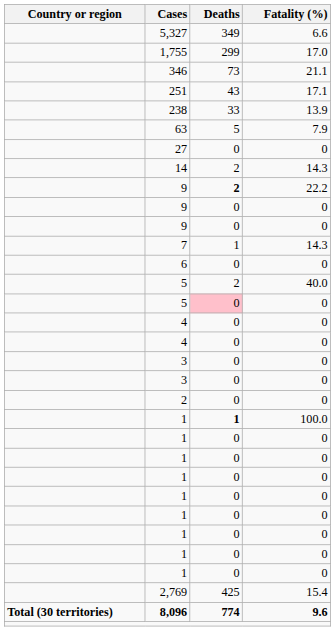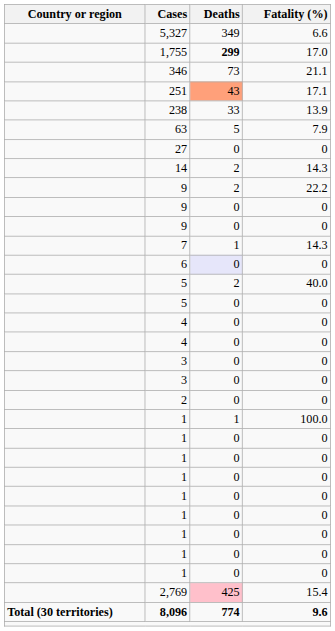 <table class="wikitable sortable" style="width:430px;">
 <tr>
 <th>Country or region</th>
 <th style="text-align:right;">Cases</th>
 <th style="text-align:right;">Deaths</th>
 <th style="text-align:right;">Fatality (%)</th>
 </tr>
 <tr align=right>
 <td align=left></td>
 <td>5,327</td>
 <td>349</td>
 <td>6.6</td>
 </tr>
 <tr align=right>
 <td align=left></td>
 <td>1,755</td>
-<td>299</td>
+<td><strong>299</strong></td>
 <td>17.0</td>
 </tr>
 <tr align=right>
 <td align=left></td>
 <td>346</td>
 <td>73</td>
 <td>21.1</td>
 </tr>
 <tr align=right>
 <td align=left></td>
 <td>251</td>
-<td>43</td>
+<td style="background: lightsalmon;">43</td>
 <td>17.1</td>
 </tr>
 <tr align=right>
 <td align=left></td>
 <td>238</td>
 <td>33</td>
 <td>13.9</td>
 </tr>
 <tr align=right>
 <td align=left></td>
 <td>63</td>
 <td>5</td>
 <td>7.9</td>
 </tr>
 <tr align=right>
 <td align=left></td>
 <td>27</td>
 <td>0</td>
 <td>0</td>
 </tr>
 <tr align=right>
 <td align=left></td>
 <td>14</td>
 <td>2</td>
 <td>14.3</td>
 </tr>
 <tr align=right>
 <td align=left></td>
 <td>9</td>
-<td><strong>2</strong></td>
+<td>2</td>
 <td>22.2</td>
 </tr>
 <tr align=right>
 <td align=left></td>
 <td>9</td>
 <td>0</td>
 <td>0</td>
 </tr>
 <tr align=right>
 <td align=left></td>
 <td>9</td>
 <td>0</td>
 <td>0</td>
 </tr>
 <tr align=right>
 <td align=left></td>
 <td>7</td>
 <td>1</td>
 <td>14.3</td>
 </tr>
 <tr align=right>
 <td align=left></td>
 <td>6</td>
-<td>0</td>
+<td style="background: lavender;">0</td>
 <td>0</td>
 </tr>
 <tr align=right>
 <td align=left></td>
 <td>5</td>
 <td>2</td>
 <td>40.0</td>
 </tr>
 <tr align=right>
 <td align=left></td>
 <td>5</td>
-<td style="background: pink;">0</td>
+<td>0</td>
 <td>0</td>
 </tr>
 <tr align=right>
 <td align=left></td>
 <td>4</td>
 <td>0</td>
 <td>0</td>
 </tr>
 <tr align=right>
 <td align=left></td>
 <td>4</td>
 <td>0</td>
 <td>0</td>
 </tr>
 <tr align=right>
 <td align=left></td>
 <td>3</td>
 <td>0</td>
 <td>0</td>
 </tr>
 <tr align=right>
 <td align=left></td>
 <td>3</td>
 <td>0</td>
 <td>0</td>
 </tr>
 <tr align=right>
 <td align=left></td>
 <td>2</td>
 <td>0</td>
 <td>0</td>
 </tr>
 <tr align=right>
 <td align=left></td>
 <td>1</td>
-<td><strong>1</strong></td>
+<td>1</td>
 <td>100.0</td>
 </tr>
 <tr align=right>
 <td align=left></td>
 <td>1</td>
 <td>0</td>
 <td>0</td>
 </tr>
 <tr align=right>
 <td align=left></td>
 <td>1</td>
 <td>0</td>
 <td>0</td>
 </tr>
 <tr align=right>
 <td align=left></td>
 <td>1</td>
 <td>0</td>
 <td>0</td>
 </tr>
 <tr align=right>
 <td align=left></td>
 <td>1</td>
 <td>0</td>
 <td>0</td>
 </tr>
 <tr align=right>
 <td align=left></td>
 <td>1</td>
 <td>0</td>
 <td>0</td>
 </tr>
 <tr align=right>
 <td align=left></td>
 <td>1</td>
 <td>0</td>
 <td>0</td>
 </tr>
 <tr align=right>
 <td align=left></td>
 <td>1</td>
 <td>0</td>
 <td>0</td>
 </tr>
 <tr align=right>
 <td align=left></td>
 <td>1</td>
 <td>0</td>
 <td>0</td>
 </tr>
 <tr align=right class="sortbottom">
 <td style="text-align:left;"></td>
 <td>2,769</td>
-<td>425</td>
+<td style="background: pink;">425</td>
 <td>15.4</td>
 </tr>
 <tr align=right style="font-weight:bold;" class="sortbottom">
 <td style="text-align:left;">Total (30 territories)</td>
 <td>8,096</td>
 <td>774</td>
 <td>9.6</td>
 </tr>
 <tr class="sortbottom">
 <td colspan=5 style="font-size: smaller;"></td>
 </tr>
 </table>
